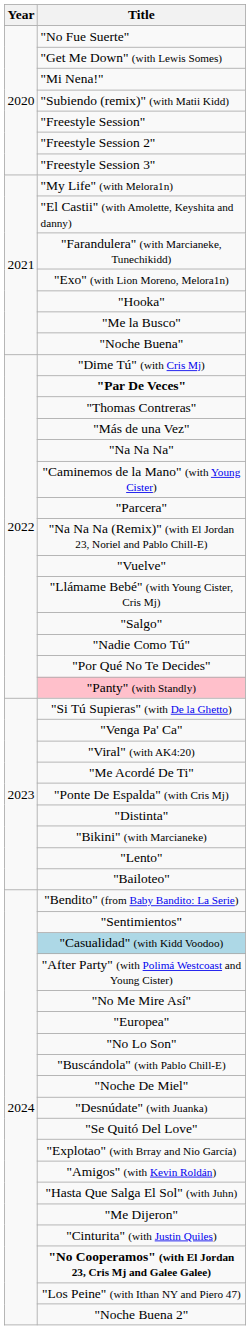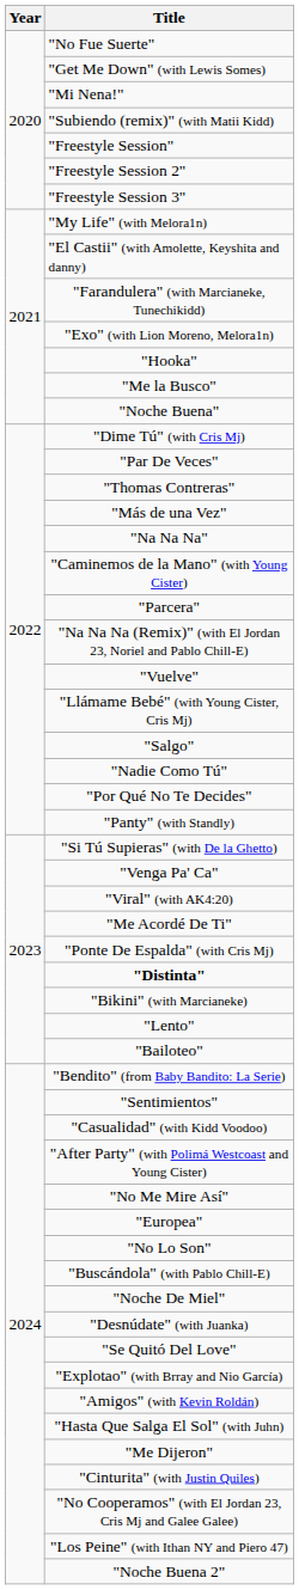 <table class="wikitable" style="text-align:center">
 <tr>
 <th width="30">Year</th>
 <th width="240">Title</th>
 </tr>
 <tr>
 <td rowspan="7">2020</td>
 <td align="left">"No Fue Suerte"</td>
 </tr>
 <tr>
 <td align="left">"Get Me Down" <small>(with Lewis Somes)</small></td>
 </tr>
 <tr>
 <td align="left">"Mi Nena!"</td>
 </tr>
 <tr>
 <td align="left">"Subiendo (remix)" <small>(with Matii Kidd)</small></td>
 </tr>
 <tr>
 <td align="left">"Freestyle Session"</td>
 </tr>
 <tr>
 <td align="left">"Freestyle Session 2"</td>
 </tr>
 <tr>
 <td align="left">"Freestyle Session 3"</td>
 </tr>
 <tr>
 <td rowspan="7">2021</td>
 <td align="left">"My Life" <small>(with Melora1n)</small></td>
 </tr>
 <tr>
 <td align="left">"El Castii" <small>(with Amolette, Keyshita and danny)</small></td>
 </tr>
 <tr>
 <td>"Farandulera" <small>(with Marcianeke, Tunechikidd)</small></td>
 </tr>
 <tr>
 <td>"Exo" <small>(with Lion Moreno, Melora1n)</small></td>
 </tr>
 <tr>
 <td>"Hooka"</td>
 </tr>
 <tr>
 <td>"Me la Busco"</td>
 </tr>
 <tr>
 <td>"Noche Buena"</td>
 </tr>
 <tr>
 <td rowspan="14">2022</td>
 <td>"Dime Tú" <small>(with <a href='#'>Cris Mj</a>)</small></td>
 </tr>
 <tr>
-<td><strong>"Par De Veces"</strong></td>
+<td>"Par De Veces"</td>
 </tr>
 <tr>
 <td>"Thomas Contreras"</td>
 </tr>
 <tr>
 <td>"Más de una Vez"</td>
 </tr>
 <tr>
 <td>"Na Na Na"</td>
 </tr>
 <tr>
 <td>"Caminemos de la Mano" <small>(with <a href='#'>Young Cister</a>)</small></td>
 </tr>
 <tr>
 <td>"Parcera"</td>
 </tr>
 <tr>
 <td>"Na Na Na (Remix)" <small>(with El Jordan 23, Noriel and Pablo Chill-E)</small></td>
 </tr>
 <tr>
 <td>"Vuelve"</td>
 </tr>
 <tr>
 <td>"Llámame Bebé" <small>(with Young Cister, Cris Mj)</small></td>
 </tr>
 <tr>
 <td>"Salgo"</td>
 </tr>
 <tr>
 <td>"Nadie Como Tú"</td>
 </tr>
 <tr>
 <td>"Por Qué No Te Decides"</td>
 </tr>
 <tr>
-<td style="background: pink;">"Panty" <small>(with Standly)</small></td>
+<td>"Panty" <small>(with Standly)</small></td>
 </tr>
 <tr>
 <td rowspan="9">2023</td>
 <td>"Si Tú Supieras" <small>(with <a href='#'>De la Ghetto</a>)</small></td>
 </tr>
 <tr>
 <td>"Venga Pa' Ca"</td>
 </tr>
 <tr>
 <td>"Viral" <small>(with AK4:20)</small></td>
 </tr>
 <tr>
 <td>"Me Acordé De Ti"</td>
 </tr>
 <tr>
 <td>"Ponte De Espalda" <small>(with Cris Mj)</small></td>
 </tr>
 <tr>
-<td>"Distinta"</td>
+<td><strong>"Distinta"</strong></td>
 </tr>
 <tr>
 <td>"Bikini" <small>(with Marcianeke)</small></td>
 </tr>
 <tr>
 <td>"Lento"</td>
 </tr>
 <tr>
 <td>"Bailoteo"</td>
 </tr>
 <tr>
 <td rowspan="19">2024</td>
 <td>"Bendito" <small>(from <a href='#'>Baby Bandito: La Serie</a>)</small></td>
 </tr>
 <tr>
 <td>"Sentimientos"</td>
 </tr>
 <tr>
-<td style="background: lightblue;">"Casualidad" <small>(with Kidd Voodoo)</small></td>
+<td>"Casualidad" <small>(with Kidd Voodoo)</small></td>
 </tr>
 <tr>
 <td>"After Party" <small>(with <a href='#'>Polimá Westcoast</a> and Young Cister)</small></td>
 </tr>
 <tr>
 <td>"No Me Mire Así"</td>
 </tr>
 <tr>
 <td>"Europea"</td>
 </tr>
 <tr>
 <td>"No Lo Son"</td>
 </tr>
 <tr>
 <td>"Buscándola" <small>(with Pablo Chill-E)</small></td>
 </tr>
 <tr>
 <td>"Noche De Miel"</td>
 </tr>
 <tr>
 <td>"Desnúdate" <small>(with Juanka)</small></td>
 </tr>
 <tr>
 <td>"Se Quitó Del Love"</td>
 </tr>
 <tr>
 <td>"Explotao" <small>(with Brray and Nio García)</small></td>
 </tr>
 <tr>
 <td>"Amigos" <small>(with <a href='#'>Kevin Roldán</a>)</small></td>
 </tr>
 <tr>
 <td>"Hasta Que Salga El Sol" <small>(with Juhn)</small></td>
 </tr>
 <tr>
 <td>"Me Dijeron"</td>
 </tr>
 <tr>
 <td>"Cinturita" <small>(with <a href='#'>Justin Quiles</a>)</small></td>
 </tr>
 <tr>
-<td><strong>"No Cooperamos" <small>(with El Jordan 23, Cris Mj and Galee Galee)</small></strong></td>
+<td>"No Cooperamos" <small>(with El Jordan 23, Cris Mj and Galee Galee)</small></td>
 </tr>
 <tr>
 <td>"Los Peine" <small>(with Ithan NY and Piero 47)</small></td>
 </tr>
 <tr>
 <td>"Noche Buena 2"</td>
 </tr>
 </table>
